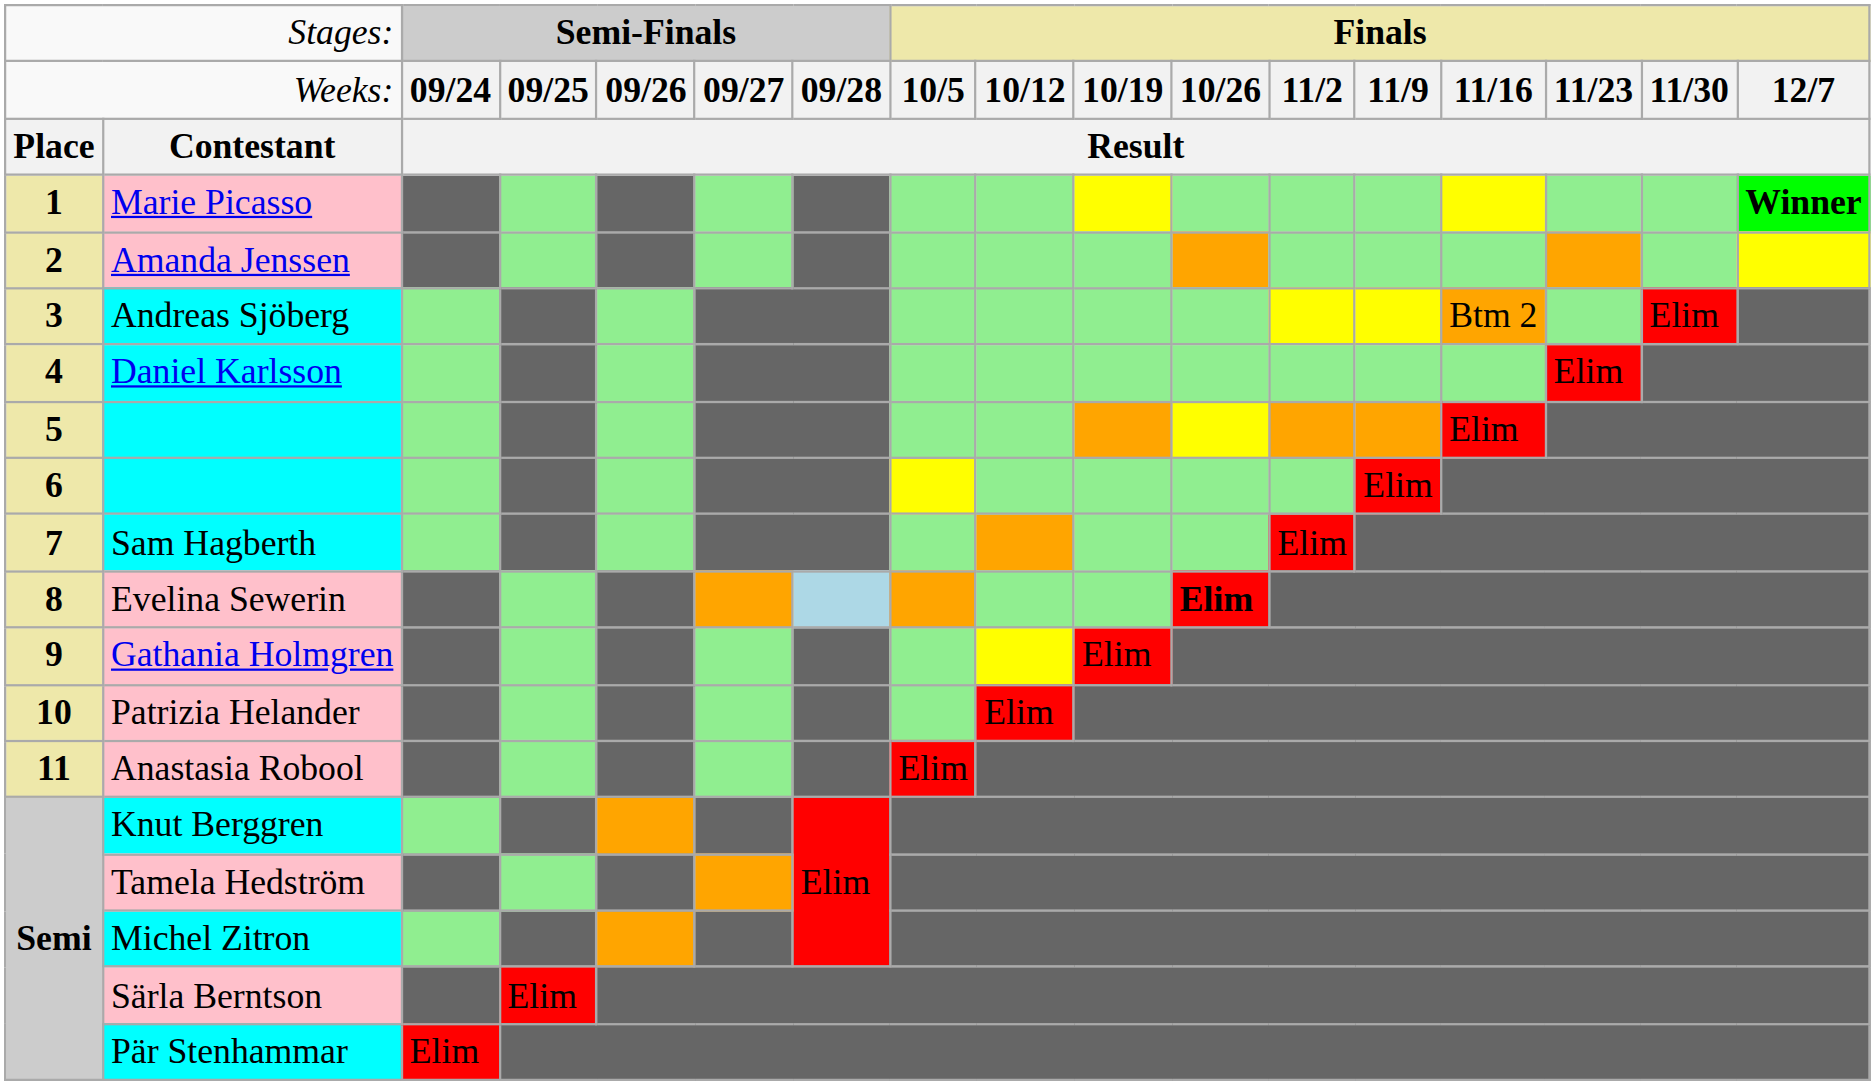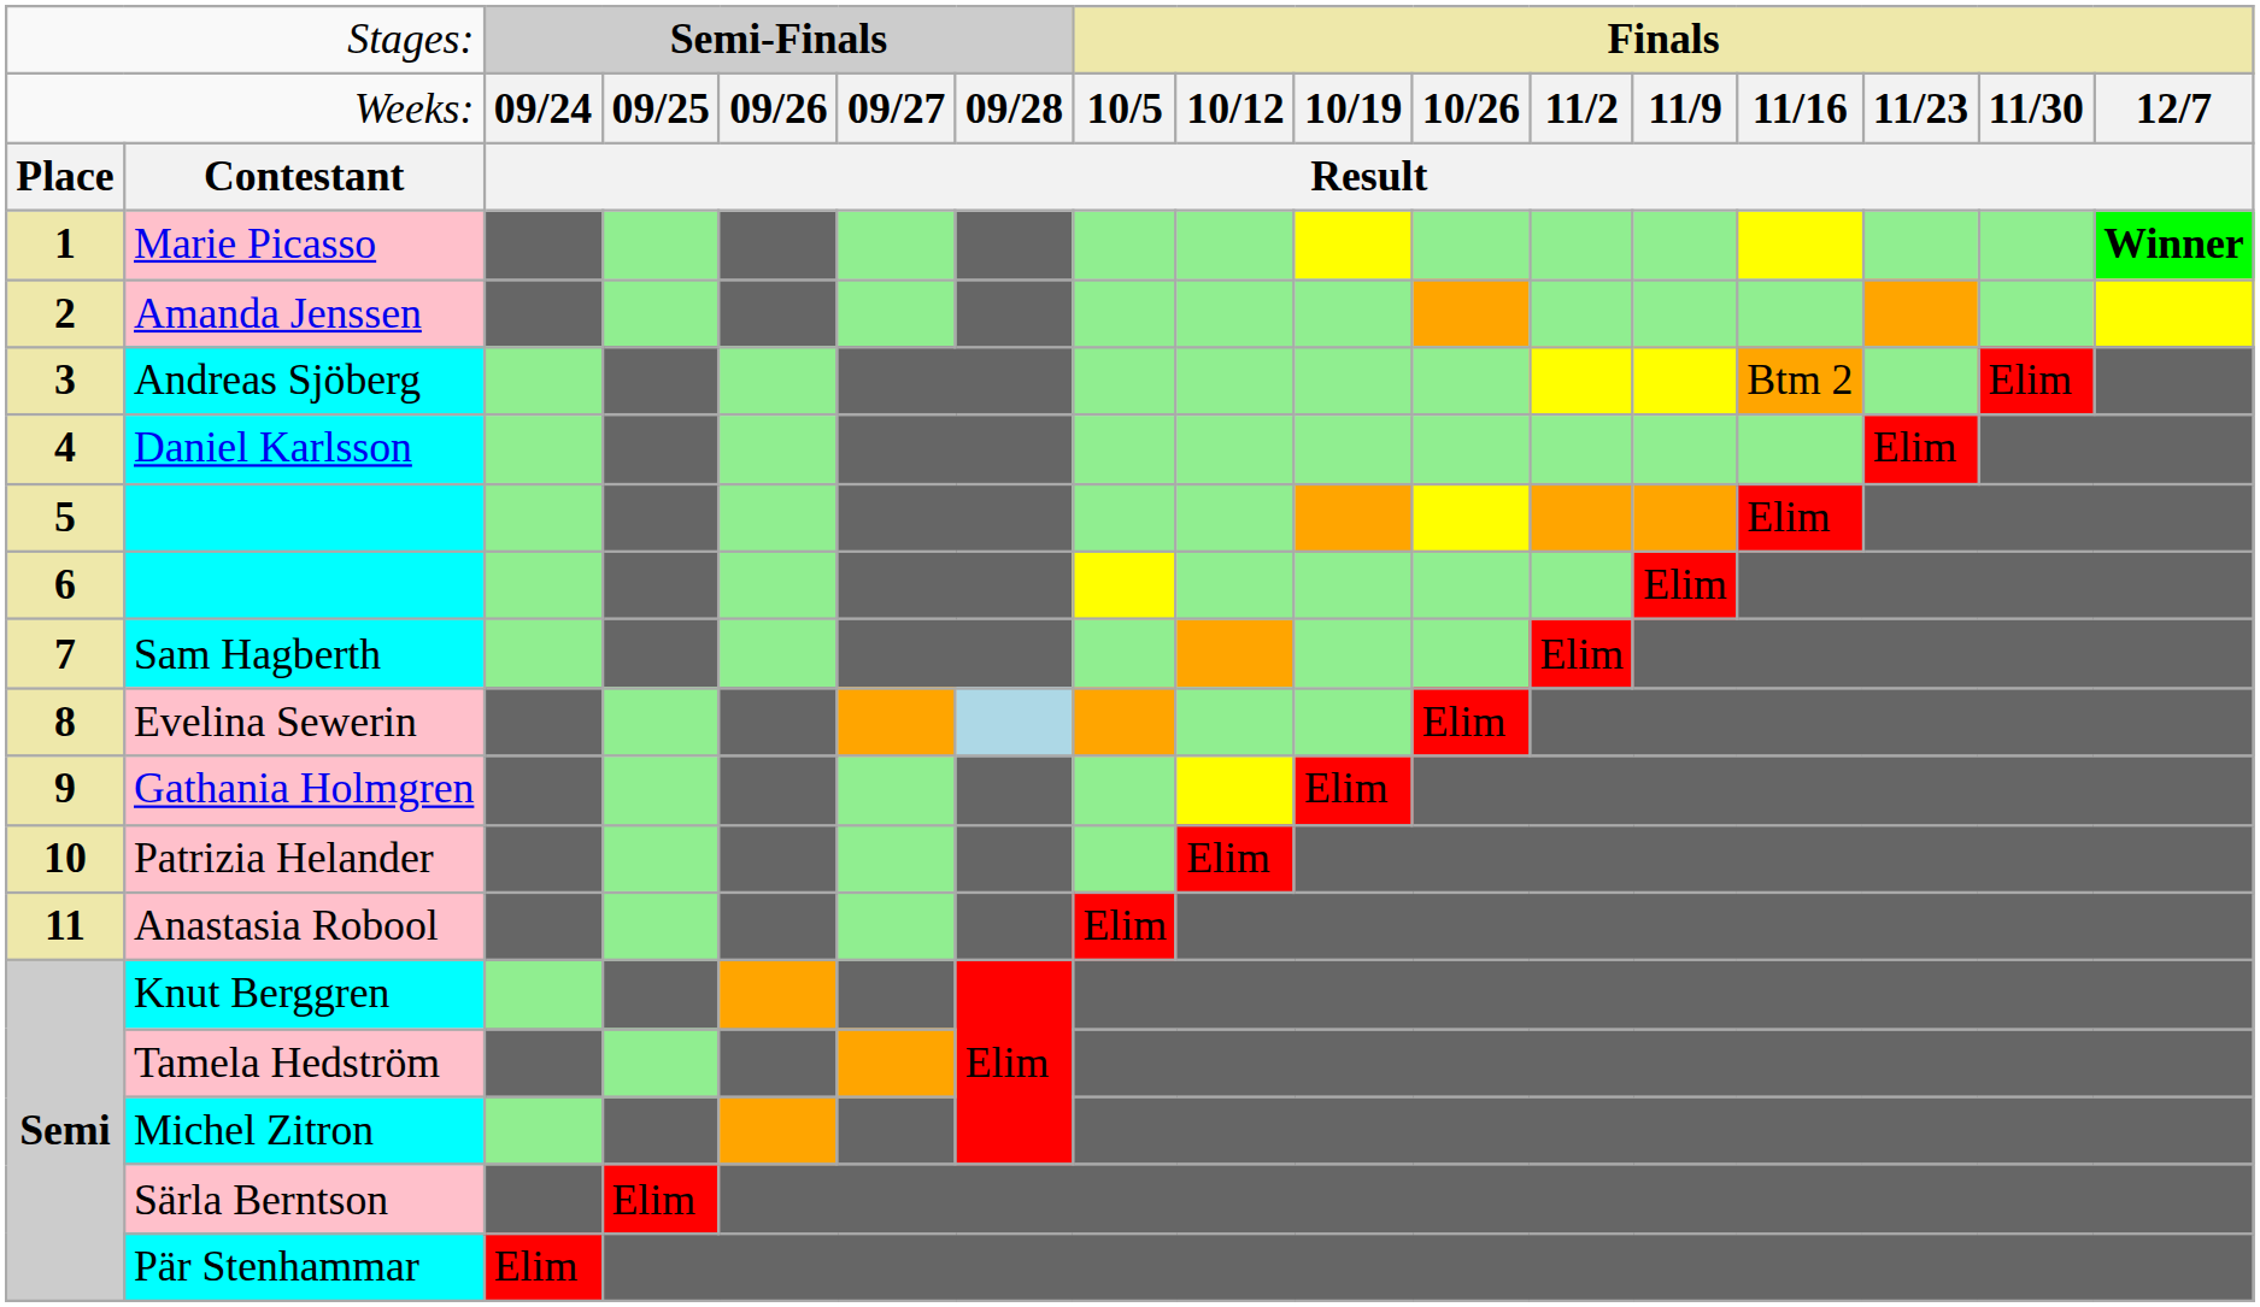 <table class="wikitable" align="center">
 <tr>
 <td colspan="2" align="right"><em>Stages:</em></td>
 <td colspan="5" bgcolor="CCCCCC" align="Center"><strong>Semi-Finals</strong></td>
 <td colspan="10" bgcolor="palegoldenrod" align="Center"><strong>Finals</strong></td>
 </tr>
 <tr>
 <td colspan="2" align="right"><em>Weeks:</em></td>
 <th>09/24</th>
 <th>09/25</th>
 <th>09/26</th>
 <th>09/27</th>
 <th>09/28</th>
 <th>10/5</th>
 <th>10/12</th>
 <th>10/19</th>
 <th>10/26</th>
 <th>11/2</th>
 <th>11/9</th>
 <th>11/16</th>
 <th>11/23</th>
 <th>11/30</th>
 <th>12/7</th>
 </tr>
 <tr>
 <th>Place</th>
 <th>Contestant</th>
 <th colspan="15" align="center">Result</th>
 </tr>
 <tr>
 <td align="center" bgcolor="palegoldenrod"><strong>1</strong></td>
 <td bgcolor="pink"><a href='#'>Marie Picasso</a></td>
 <td style="background: #666666"></td>
 <td style="background: lightgreen"></td>
 <td style="background: #666666"></td>
 <td style="background: lightgreen"></td>
 <td style="background: #666666"></td>
 <td style="background: lightgreen"></td>
 <td style="background: lightgreen"></td>
 <td style="background: yellow"></td>
 <td style="background: lightgreen"></td>
 <td style="background: lightgreen"></td>
 <td style="background: lightgreen"></td>
 <td style="background: yellow"></td>
 <td style="background: lightgreen"></td>
 <td style="background: lightgreen"></td>
 <td style="background: Lime"><strong>Winner</strong></td>
 </tr>
 <tr>
 <td align="center" bgcolor="palegoldenrod"><strong>2</strong></td>
 <td bgcolor="pink"><a href='#'>Amanda Jenssen</a></td>
 <td style="background: #666666"></td>
 <td style="background: lightgreen"></td>
 <td style="background: #666666"></td>
 <td style="background: lightgreen"></td>
 <td style="background: #666666"></td>
 <td style="background: lightgreen"></td>
 <td style="background: lightgreen"></td>
 <td style="background: lightgreen"></td>
 <td style="background: orange"></td>
 <td style="background: lightgreen"></td>
 <td style="background: lightgreen"></td>
 <td style="background: lightgreen"></td>
 <td style="background: orange"></td>
 <td style="background: lightgreen"></td>
 <td style="background: yellow"></td>
 </tr>
 <tr>
 <td align="center" bgcolor="palegoldenrod"><strong>3</strong></td>
 <td bgcolor="cyan">Andreas Sjöberg</td>
 <td style="background: lightgreen"></td>
 <td style="background: #666666"></td>
 <td style="background: lightgreen"></td>
 <td style="background: #666666" colspan="2"></td>
 <td style="background: lightgreen"></td>
 <td style="background: lightgreen"></td>
 <td style="background: lightgreen"></td>
 <td style="background: lightgreen"></td>
 <td style="background: yellow"></td>
 <td style="background: yellow"></td>
 <td style="background: orange">Btm 2</td>
 <td style="background: lightgreen"></td>
 <td style="background: red"><span>Elim</span></td>
 <td colspan="1" bgcolor="666666"></td>
 </tr>
 <tr>
 <td align="center" bgcolor="palegoldenrod"><strong>4</strong></td>
 <td bgcolor="cyan"><a href='#'>Daniel Karlsson</a></td>
 <td style="background: lightgreen"></td>
 <td style="background: #666666"></td>
 <td style="background: lightgreen"></td>
 <td style="background: #666666"  colspan="2"></td>
 <td style="background: lightgreen"></td>
 <td style="background: lightgreen"></td>
 <td style="background: lightgreen"></td>
 <td style="background: lightgreen"></td>
 <td style="background: lightgreen"></td>
 <td style="background: lightgreen"></td>
 <td style="background: lightgreen"></td>
 <td style="background: red"><span>Elim</span></td>
 <td colspan="2" bgcolor="666666"></td>
 </tr>
 <tr>
 <td align="center" bgcolor="palegoldenrod"><strong>5</strong></td>
 <td bgcolor="cyan"></td>
 <td style="background: lightgreen"></td>
 <td style="background: #666666"></td>
 <td style="background: lightgreen"></td>
 <td style="background: #666666"  colspan="2"></td>
 <td style="background: lightgreen"></td>
 <td style="background: lightgreen"></td>
 <td style="background: orange"></td>
 <td style="background: yellow"></td>
 <td style="background: orange"></td>
 <td style="background: orange"></td>
 <td style="background: red"><span>Elim</span></td>
 <td colspan="3" bgcolor="666666"></td>
 </tr>
 <tr>
 <td align="center" bgcolor="palegoldenrod"><strong>6</strong></td>
 <td bgcolor="cyan"></td>
 <td style="background: lightgreen"></td>
 <td style="background: #666666"></td>
 <td style="background: lightgreen"></td>
 <td style="background: #666666"  colspan="2"></td>
 <td style="background: yellow"></td>
 <td style="background: lightgreen"></td>
 <td style="background: lightgreen"></td>
 <td style="background: lightgreen"></td>
 <td style="background: lightgreen"></td>
 <td style="background: red"><span>Elim</span></td>
 <td colspan="4" bgcolor="666666"></td>
 </tr>
 <tr>
 <td align="center" bgcolor="palegoldenrod"><strong>7</strong></td>
 <td bgcolor="cyan">Sam Hagberth</td>
 <td style="background: lightgreen"></td>
 <td style="background: #666666"></td>
 <td style="background: lightgreen"></td>
 <td style="background: #666666"  colspan="2"></td>
 <td style="background: lightgreen"></td>
 <td style="background: orange"></td>
 <td style="background: lightgreen"></td>
 <td style="background: lightgreen"></td>
 <td style="background: red"><span>Elim</span></td>
 <td colspan="5" bgcolor="666666"></td>
 </tr>
 <tr>
 <td align="center" bgcolor="palegoldenrod"><strong>8</strong></td>
 <td bgcolor="pink">Evelina Sewerin</td>
 <td style="background: #666666"></td>
 <td style="background: lightgreen"></td>
 <td style="background: #666666"></td>
 <td style="background: orange"></td>
 <td style="background: lightblue"></td>
 <td style="background: orange"></td>
 <td style="background: lightgreen"></td>
 <td style="background: lightgreen"></td>
-<td style="background: red"><strong><span>Elim</span></strong></td>
+<td style="background: red"><span>Elim</span></td>
 <td colspan="6" bgcolor="666666"></td>
 </tr>
 <tr>
 <td align="center" bgcolor="palegoldenrod"><strong>9</strong></td>
 <td bgcolor="pink"><a href='#'>Gathania Holmgren</a></td>
 <td style="background: #666666"></td>
 <td style="background: lightgreen"></td>
 <td style="background: #666666"></td>
 <td style="background: lightgreen"></td>
 <td style="background: #666666"></td>
 <td style="background: lightgreen"></td>
 <td style="background: yellow"></td>
 <td style="background: red"><span>Elim</span></td>
 <td colspan="7" bgcolor="666666"></td>
 </tr>
 <tr>
 <td align="center" bgcolor="palegoldenrod"><strong>10</strong></td>
 <td bgcolor="pink">Patrizia Helander</td>
 <td style="background: #666666"></td>
 <td style="background: lightgreen"></td>
 <td style="background: #666666"></td>
 <td style="background: lightgreen"></td>
 <td style="background: #666666"></td>
 <td style="background: lightgreen"></td>
 <td style="background: red"><span>Elim</span></td>
 <td colspan="8" bgcolor="666666"></td>
 </tr>
 <tr>
 <td align="center" bgcolor="palegoldenrod"><strong>11</strong></td>
 <td bgcolor="pink">Anastasia Robool</td>
 <td style="background: #666666"></td>
 <td style="background: lightgreen"></td>
 <td style="background: #666666"></td>
 <td style="background: lightgreen"></td>
 <td style="background: #666666"></td>
 <td style="background: red"><span>Elim</span></td>
 <td colspan="9" bgcolor="666666"></td>
 </tr>
 <tr>
 <td bgcolor="CCCCCC" align="center" rowspan="5"><strong>Semi</strong></td>
 <td bgcolor="cyan">Knut Berggren</td>
 <td style="background: lightgreen"></td>
 <td style="background: #666666"></td>
 <td style="background: orange"></td>
 <td style="background: #666666"></td>
 <td style="background: red"  rowspan="3"><span>Elim</span></td>
 <td colspan="10" bgcolor="666666"></td>
 </tr>
 <tr>
 <td bgcolor="pink">Tamela Hedström</td>
 <td style="background: #666666"></td>
 <td style="background: lightgreen"></td>
 <td style="background: #666666"></td>
 <td style="background: orange"></td>
 <td colspan="11" bgcolor="666666"></td>
 </tr>
 <tr>
 <td bgcolor="cyan">Michel Zitron</td>
 <td style="background: lightgreen"></td>
 <td style="background: #666666"></td>
 <td style="background: orange"></td>
 <td style="background: #666666"></td>
 <td colspan="12" bgcolor="666666"></td>
 </tr>
 <tr>
 <td bgcolor="pink">Särla Berntson</td>
 <td style="background: #666666"></td>
 <td style="background: red"><span>Elim</span></td>
 <td colspan="13" bgcolor="666666"></td>
 </tr>
 <tr>
 <td bgcolor="cyan">Pär Stenhammar</td>
 <td style="background: red"><span>Elim</span></td>
 <td colspan="14" bgcolor="666666"></td>
 </tr>
 <tr>
 </tr>
 </table>
